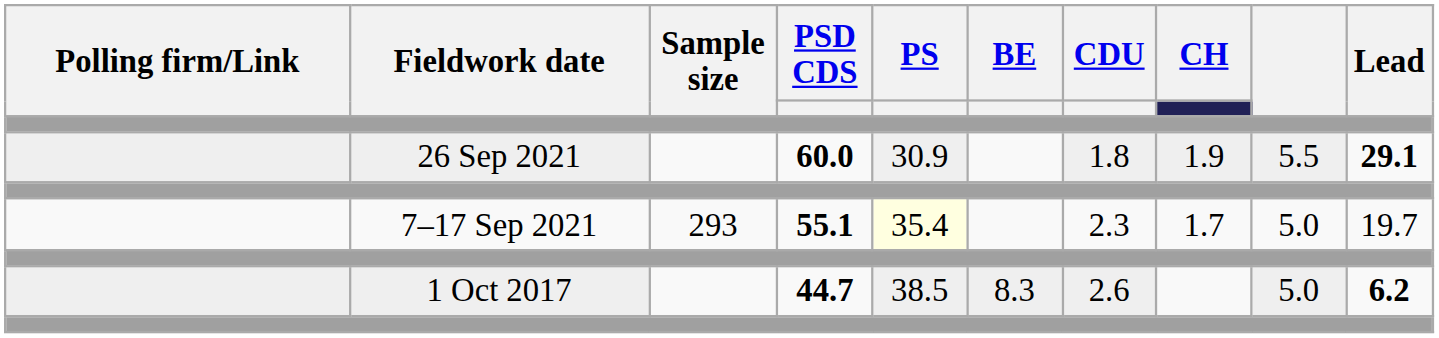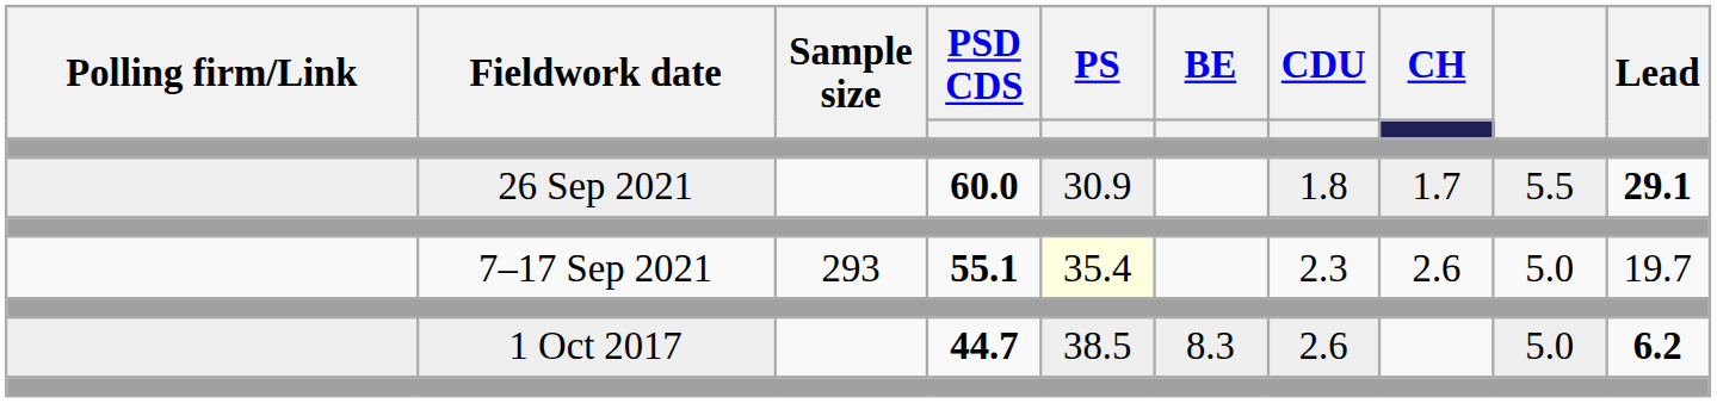 <table class="wikitable sortable mw-datatable" style="text-align:center;font-size:90%;line-height:16px;">
 <tr style="height:42px;">
 <th style="width:145px;" rowspan="2">Polling firm/Link</th>
 <th style="width:125px;" rowspan="2">Fieldwork date</th>
 <th class="unsortable" style="width:50px;" rowspan="2">Sample size</th>
 <th class="unsortable" style="width:35px;"><a href='#'>PSD</a><br><a href='#'>CDS</a></th>
 <th class="unsortable" style="width:35px;"><a href='#'>PS</a></th>
 <th class="unsortable" style="width:35px;"><a href='#'>BE</a></th>
 <th class="unsortable" style="width:35px;"><a href='#'>CDU</a></th>
 <th class="unsortable" style="width:35px;"><a href='#'>CH</a></th>
 <th class="unsortable" style="width:35px;" rowspan="2"></th>
 <th class="unsortable" style="width:30px;" rowspan="2">Lead</th>
 </tr>
 <tr>
 <th class="unsortable" style="color:inherit;background:"></th>
 <th class="unsortable" style="color:inherit;background:"></th>
 <th class="unsortable" style="color:inherit;background:"></th>
 <th class="unsortable" style="color:inherit;background:"></th>
 <th class="sortable" style="background:#202056;"></th>
 </tr>
 <tr>
 <td colspan="17" style="background:#A0A0A0"></td>
 </tr>
 <tr>
 <td style="background:#EFEFEF;"><strong></strong></td>
 <td style="background:#EFEFEF;" data-sort-value="2019-10-06">26 Sep 2021</td>
 <td></td>
 <td><strong>60.0</strong><br></td>
 <td style="background:#EFEFEF;">30.9<br></td>
 <td></td>
 <td style="background:#EFEFEF;">1.8<br></td>
-<td style="background:#EFEFEF;">1.9<br></td>
+<td style="background:#EFEFEF;">1.7<br></td>
 <td style="background:#EFEFEF;">5.5</td>
 <td style="background:"><strong>29.1</strong></td>
 </tr>
 <tr>
 <td colspan="17" style="background:#A0A0A0"></td>
 </tr>
 <tr>
 <td align="center"></td>
 <td align="center">7–17 Sep 2021</td>
 <td>293</td>
 <td align="center" ><strong>55.1</strong></td>
 <td align="center" style="background: lightyellow;">35.4</td>
 <td></td>
 <td align="center">2.3</td>
-<td align="center">1.7</td>
+<td align="center">2.6</td>
 <td align="center">5.0</td>
 <td style="background:">19.7</td>
 </tr>
 <tr>
 <td colspan="17" style="background:#A0A0A0"></td>
 </tr>
 <tr>
 <td style="background:#EFEFEF;"><strong></strong></td>
 <td style="background:#EFEFEF;" data-sort-value="2019-10-06">1 Oct 2017</td>
 <td></td>
 <td><strong>44.7</strong><br></td>
 <td style="background:#EFEFEF;">38.5<br></td>
 <td style="background:#EFEFEF;">8.3<br></td>
 <td style="background:#EFEFEF;">2.6<br></td>
 <td></td>
 <td style="background:#EFEFEF;">5.0</td>
 <td style="background:"><strong>6.2</strong></td>
 </tr>
 <tr>
 <td colspan="17" style="background:#A0A0A0"></td>
 </tr>
 </table>
